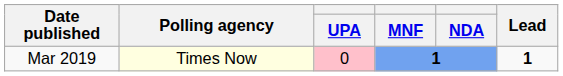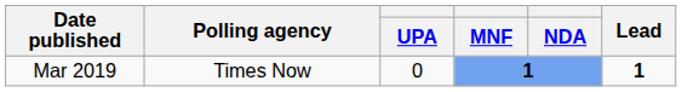 <table class="wikitable sortable" style="text-align:center;font-size:95%;line-height:16px">
 <tr>
 <th rowspan="2" width="100px">Date published</th>
 <th rowspan="2" width="175px">Polling agency</th>
 <th style="background:"></th>
 <th style="background:"></th>
 <th style="background:"></th>
 <th rowspan="2" width="50px">Lead</th>
 </tr>
 <tr>
 <th width="50px" class="unsortable"><a href='#'>UPA</a></th>
 <th width="50px" class="unsortable"><a href='#'>MNF</a></th>
 <th width="50px" class="unsortable"><a href='#'>NDA</a></th>
 </tr>
 <tr>
 <td>Mar 2019</td>
-<td style="background: lightyellow;">Times Now</td>
-<td style="background: pink;">0</td>
+<td>Times Now</td>
+<td>0</td>
 <td colspan="2"style="background:#70A2EF"><strong>1</strong></td>
 <td style="background:"><strong><span>1</span></strong></td>
 </tr>
 </table>
